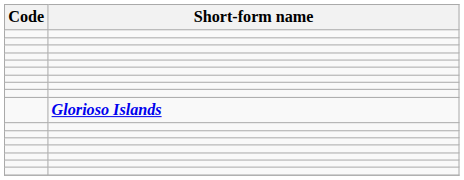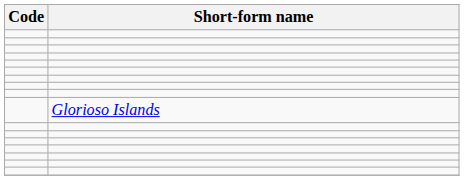 <table class="wikitable sortable">
 <tr>
 <th>Code</th>
 <th width=400px>Short-form name</th>
 </tr>
 <tr>
 <td></td>
 <td></td>
 </tr>
 <tr>
 <td></td>
 <td></td>
 </tr>
 <tr>
 <td></td>
 <td></td>
 </tr>
 <tr>
 <td></td>
 <td></td>
 </tr>
 <tr>
 <td></td>
 <td><em></em></td>
 </tr>
 <tr>
 <td></td>
 <td></td>
 </tr>
 <tr>
 <td></td>
 <td><em></em></td>
 </tr>
 <tr>
 <td></td>
 <td><em></em></td>
 </tr>
 <tr>
 <td></td>
 <td></td>
 </tr>
 <tr>
 <td></td>
-<td><strong> <em><a href='#'>Glorioso Islands</a></em></strong></td>
+<td> <em><a href='#'>Glorioso Islands</a></em></td>
 </tr>
 <tr>
 <td></td>
 <td><em></em></td>
 </tr>
 <tr>
 <td></td>
 <td><em></em></td>
 </tr>
 <tr>
 <td></td>
 <td></td>
 </tr>
 <tr>
 <td></td>
 <td></td>
 </tr>
 <tr>
 <td></td>
 <td></td>
 </tr>
 <tr>
 <td></td>
 <td></td>
 </tr>
 <tr>
 <td></td>
 <td><em></em></td>
 </tr>
 <tr>
 </tr>
 </table>
